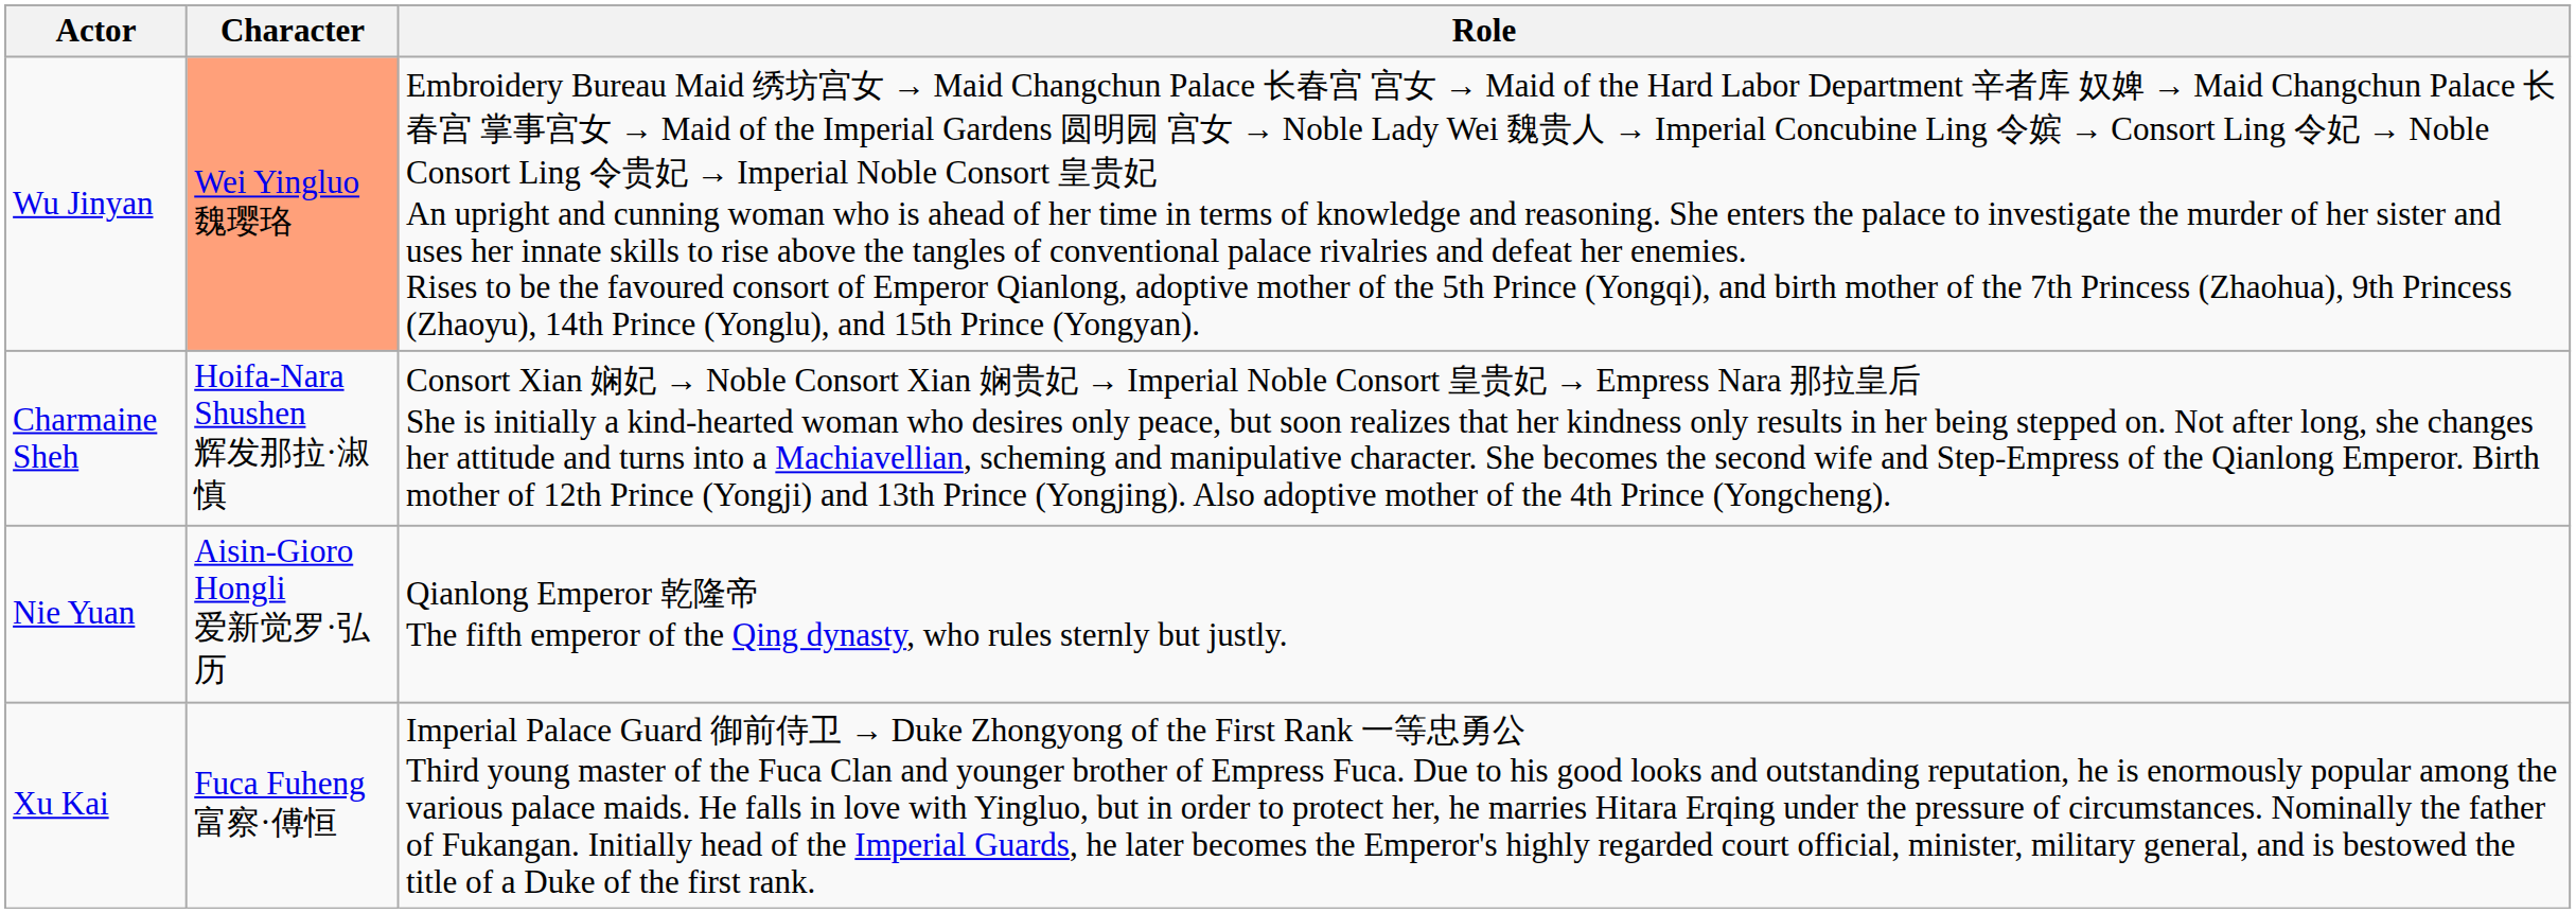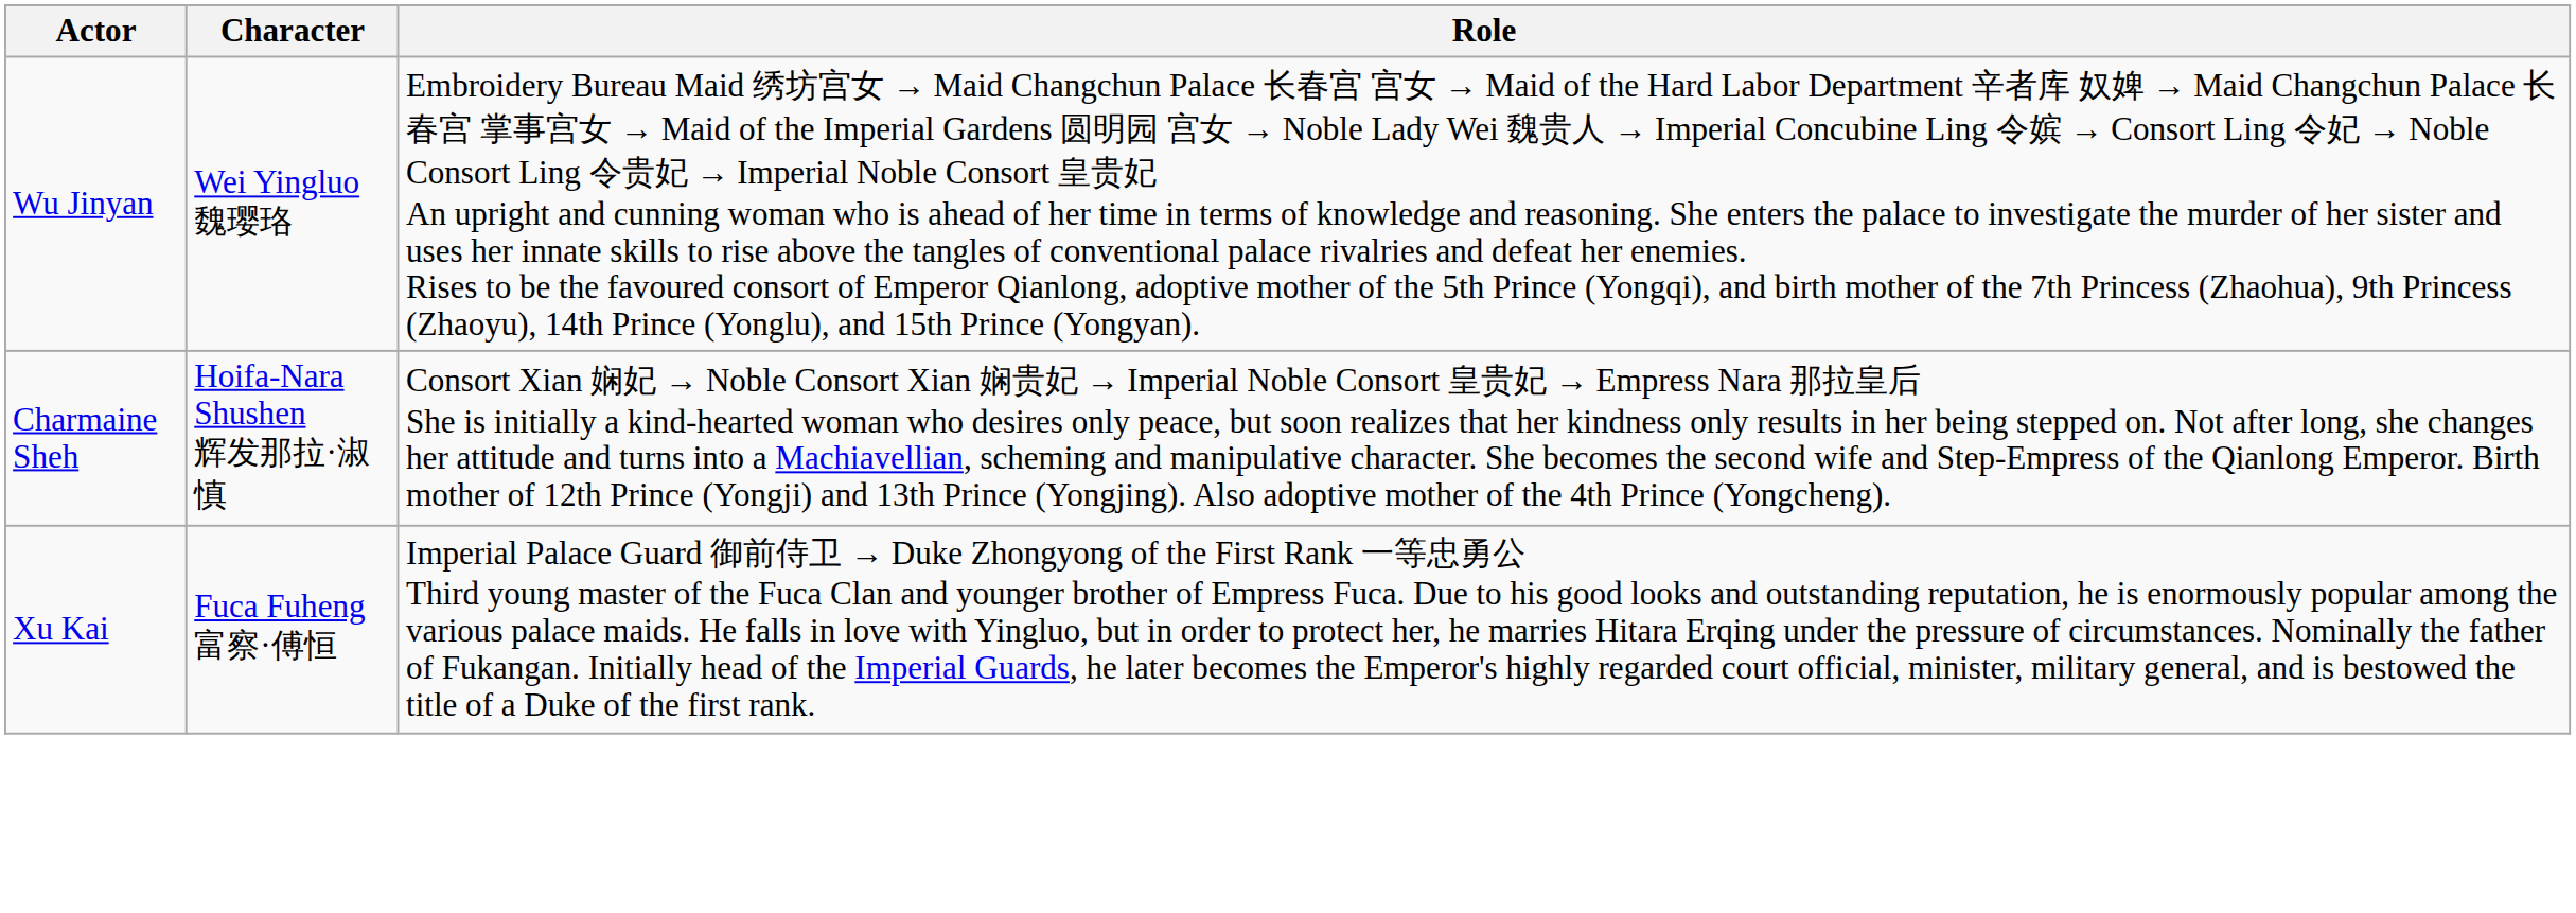 <table class="wikitable">
 <tr>
 <th>Actor</th>
 <th>Character</th>
 <th>Role</th>
 </tr>
 <tr>
 <td><a href='#'>Wu Jinyan</a></td>
-<td style="background: lightsalmon;"><a href='#'>Wei Yingluo</a><br>魏璎珞</td>
+<td><a href='#'>Wei Yingluo</a><br>魏璎珞</td>
 <td>Embroidery Bureau Maid 绣坊宫女 → Maid Changchun Palace 长春宫 宫女 → Maid of the Hard Labor Department 辛者库 奴婢 → Maid Changchun Palace 长春宫 掌事宫女 → Maid of the Imperial Gardens 圆明园 宫女 → Noble Lady Wei 魏贵人 → Imperial Concubine Ling 令嫔 → Consort Ling 令妃 → Noble Consort Ling 令贵妃 → Imperial Noble Consort 皇贵妃<br>An upright and cunning woman who is ahead of her time in terms of knowledge and reasoning. She enters the palace to investigate the murder of her sister and uses her innate skills to rise above the tangles of conventional palace rivalries and defeat her enemies.<br>Rises to be the favoured consort of Emperor Qianlong, adoptive mother of the 5th Prince (Yongqi), and birth mother of the 7th Princess (Zhaohua), 9th Princess (Zhaoyu), 14th Prince (Yonglu), and 15th Prince (Yongyan).</td>
 </tr>
 <tr>
 <td><a href='#'>Charmaine Sheh</a></td>
 <td><a href='#'>Hoifa-Nara Shushen</a><br>辉发那拉·淑慎</td>
 <td>Consort Xian 娴妃 → Noble Consort Xian 娴贵妃 → Imperial Noble Consort 皇贵妃 → Empress Nara 那拉皇后<br>She is initially a kind-hearted woman who desires only peace, but soon realizes that her kindness only results in her being stepped on. Not after long, she changes her attitude and turns into a <a href='#'>Machiavellian</a>, scheming and manipulative character. She becomes the second wife and Step-Empress of the Qianlong Emperor. Birth mother of 12th Prince (Yongji) and 13th Prince (Yongjing). Also adoptive mother of the 4th Prince (Yongcheng).</td>
 </tr>
 <tr>
-<td><a href='#'>Nie Yuan</a></td>
-<td><a href='#'>Aisin-Gioro Hongli</a><br>爱新觉罗·弘历</td>
-<td>Qianlong Emperor 乾隆帝<br>The fifth emperor of the <a href='#'>Qing dynasty</a>, who rules sternly but justly.</td>
-</tr>
-<tr>
 <td><a href='#'>Xu Kai</a></td>
 <td><a href='#'>Fuca Fuheng</a> 富察·傅恒</td>
 <td>Imperial Palace Guard 御前侍卫 → Duke Zhongyong of the First Rank 一等忠勇公<br>Third young master of the Fuca Clan and younger brother of Empress Fuca. Due to his good looks and outstanding reputation, he is enormously popular among the various palace maids. He falls in love with Yingluo, but in order to protect her, he marries Hitara Erqing under the pressure of circumstances. Nominally the father of Fukangan. Initially head of the <a href='#'>Imperial Guards</a>, he later becomes the Emperor's highly regarded court official, minister, military general, and is bestowed the title of a Duke of the first rank.</td>
 </tr>
 </table>
